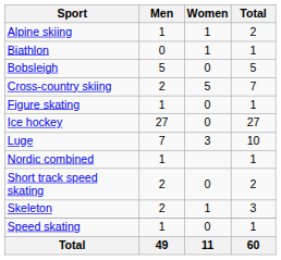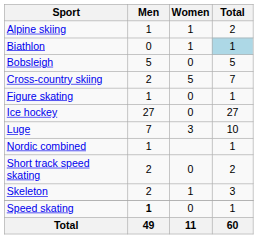 <table class="wikitable sortable" style="text-align:center">
 <tr>
 <th width=180>Sport</th>
 <th width=55>Men</th>
 <th width=55>Women</th>
 <th width=55>Total</th>
 </tr>
 <tr>
 <td align=left><a href='#'>Alpine skiing</a></td>
 <td>1</td>
 <td>1</td>
 <td>2</td>
 </tr>
 <tr>
 <td align=left><a href='#'>Biathlon</a></td>
 <td>0</td>
 <td>1</td>
-<td>1</td>
+<td style="background: lightblue;">1</td>
 </tr>
 <tr>
 <td align=left><a href='#'>Bobsleigh</a></td>
 <td>5</td>
 <td>0</td>
 <td>5</td>
 </tr>
 <tr>
 <td align=left><a href='#'>Cross-country skiing</a></td>
 <td>2</td>
 <td>5</td>
 <td>7</td>
 </tr>
 <tr>
 <td align=left><a href='#'>Figure skating</a></td>
 <td>1</td>
 <td>0</td>
 <td>1</td>
 </tr>
 <tr>
 <td align=left><a href='#'>Ice hockey</a></td>
 <td>27</td>
 <td>0</td>
 <td>27</td>
 </tr>
 <tr>
 <td align=left><a href='#'>Luge</a></td>
 <td>7</td>
 <td>3</td>
 <td>10</td>
 </tr>
 <tr>
 <td align=left><a href='#'>Nordic combined</a></td>
 <td>1</td>
 <td></td>
 <td>1</td>
 </tr>
 <tr>
 <td align=left><a href='#'>Short track speed skating</a></td>
 <td>2</td>
 <td>0</td>
 <td>2</td>
 </tr>
 <tr>
 <td align=left><a href='#'>Skeleton</a></td>
 <td>2</td>
 <td>1</td>
 <td>3</td>
 </tr>
 <tr>
 </tr>
 <tr>
 <td align=left><a href='#'>Speed skating</a></td>
-<td>1</td>
+<td><strong>1</strong></td>
 <td>0</td>
 <td>1</td>
 </tr>
 <tr>
 <th>Total</th>
 <th>49</th>
 <th>11</th>
 <th>60</th>
 </tr>
 </table>
